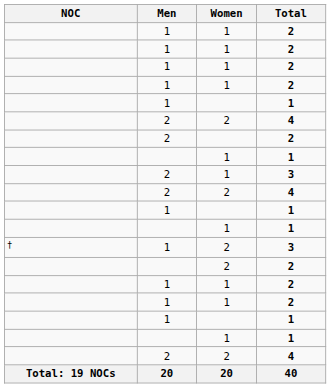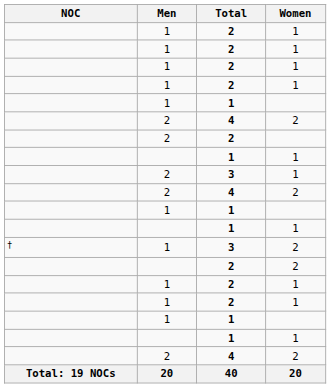 <table class="wikitable" style="text-align:center; font-size:90%">
 <tr>
 <th width=140 align="left">NOC</th>
 <th width=60>Men</th>
+<th width=70>Total</th>
 <th width=60>Women</th>
-<th width=70>Total</th>
 </tr>
 <tr>
 <td align=left></td>
 <td>1</td>
+<td><strong>2</strong></td>
 <td>1</td>
-<td><strong>2</strong></td>
 </tr>
 <tr>
 <td align=left></td>
 <td>1</td>
+<td><strong>2</strong></td>
 <td>1</td>
-<td><strong>2</strong></td>
 </tr>
 <tr>
 <td align=left></td>
 <td>1</td>
+<td><strong>2</strong></td>
 <td>1</td>
-<td><strong>2</strong></td>
 </tr>
 <tr>
 <td align=left></td>
 <td>1</td>
+<td><strong>2</strong></td>
 <td>1</td>
-<td><strong>2</strong></td>
 </tr>
 <tr>
 <td align=left></td>
 <td>1</td>
+<td><strong>1</strong></td>
 <td></td>
-<td><strong>1</strong></td>
 </tr>
 <tr>
 <td align=left></td>
 <td>2</td>
+<td><strong>4</strong></td>
 <td>2</td>
-<td><strong>4</strong></td>
 </tr>
 <tr>
 <td align=left></td>
 <td>2</td>
+<td><strong>2</strong></td>
 <td></td>
-<td><strong>2</strong></td>
 </tr>
 <tr>
 <td align=left></td>
 <td></td>
+<td><strong>1</strong></td>
 <td>1</td>
-<td><strong>1</strong></td>
 </tr>
 <tr>
 <td align=left></td>
 <td>2</td>
+<td><strong>3</strong></td>
 <td>1</td>
-<td><strong>3</strong></td>
 </tr>
 <tr>
 <td align=left></td>
 <td>2</td>
+<td><strong>4</strong></td>
 <td>2</td>
-<td><strong>4</strong></td>
 </tr>
 <tr>
 <td align=left></td>
 <td>1</td>
+<td><strong>1</strong></td>
 <td></td>
-<td><strong>1</strong></td>
 </tr>
 <tr>
 <td align=left></td>
 <td></td>
+<td><strong>1</strong></td>
 <td>1</td>
-<td><strong>1</strong></td>
 </tr>
 <tr>
 <td align=left><sup>†</sup></td>
 <td>1</td>
+<td><strong>3</strong></td>
 <td>2</td>
-<td><strong>3</strong></td>
 </tr>
 <tr>
 <td align=left></td>
 <td></td>
+<td><strong>2</strong></td>
 <td>2</td>
-<td><strong>2</strong></td>
 </tr>
 <tr>
 <td align=left></td>
 <td>1</td>
+<td><strong>2</strong></td>
 <td>1</td>
-<td><strong>2</strong></td>
 </tr>
 <tr>
 <td align=left></td>
 <td>1</td>
+<td><strong>2</strong></td>
 <td>1</td>
-<td><strong>2</strong></td>
 </tr>
 <tr>
 <td align=left></td>
 <td>1</td>
+<td><strong>1</strong></td>
 <td></td>
-<td><strong>1</strong></td>
 </tr>
 <tr>
 <td align=left></td>
 <td></td>
+<td><strong>1</strong></td>
 <td>1</td>
-<td><strong>1</strong></td>
 </tr>
 <tr>
 <td align=left></td>
 <td>2</td>
+<td><strong>4</strong></td>
 <td>2</td>
-<td><strong>4</strong></td>
 </tr>
 <tr>
 <th>Total: 19 NOCs</th>
 <th>20</th>
+<th>40</th>
 <th>20</th>
-<th>40</th>
 </tr>
 </table>
